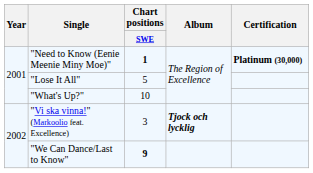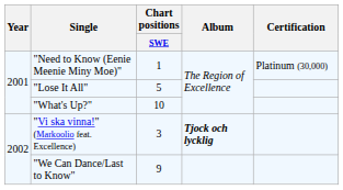 <table class="wikitable">
 <tr>
 <th width="30" rowspan="2">Year</th>
 <th width="150" rowspan="2">Single</th>
 <th colspan="1">Chart positions</th>
 <th width="100" rowspan="2">Album</th>
 <th width="120" rowspan="2">Certification</th>
 </tr>
 <tr bgcolor="#DDDDDD">
 <th width="30" align="center"><small><a href='#'>SWE</a></small></th>
 </tr>
 <tr bgcolor="#F0F8FF">
 <td rowspan="3">2001</td>
 <td>"Need to Know (Eenie Meenie Miny Moe)"</td>
-<td align="center"><strong>1</strong></td>
+<td align="center">1</td>
 <td align="left" rowspan="3"><em>The Region of Excellence</em></td>
-<td><strong>Platinum <small>(30,000)</small></strong></td>
+<td>Platinum <small>(30,000)</small></td>
 </tr>
 <tr bgcolor="#F0F8FF">
 <td>"Lose It All"</td>
 <td align="center">5</td>
 <td></td>
 </tr>
 <tr bgcolor="#F0F8FF">
 <td>"What's Up?"</td>
 <td align="center">10</td>
 <td></td>
 </tr>
 <tr bgcolor="#F0F8FF">
 <td rowspan="2">2002</td>
 <td>"<a href='#'>Vi ska vinna!</a>" <small>(<a href='#'>Markoolio</a> feat. Excellence)</small></td>
 <td align="center">3</td>
 <td align="left"><strong><em>Tjock och lycklig</em></strong></td>
 <td></td>
 </tr>
 <tr bgcolor="#F0F8FF">
 <td>"We Can Dance/Last to Know"</td>
-<td align="center"><strong>9</strong></td>
+<td align="center">9</td>
 <td align="left"></td>
 <td></td>
 </tr>
 </table>
